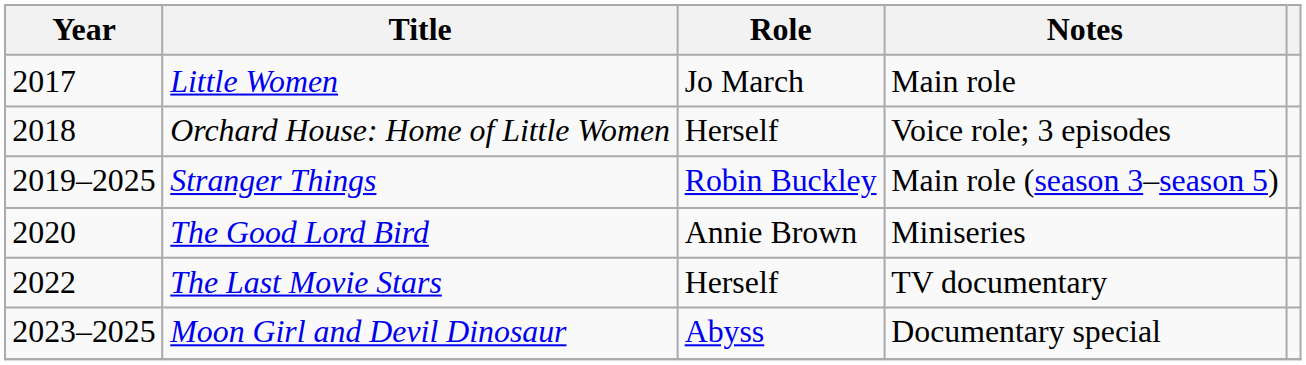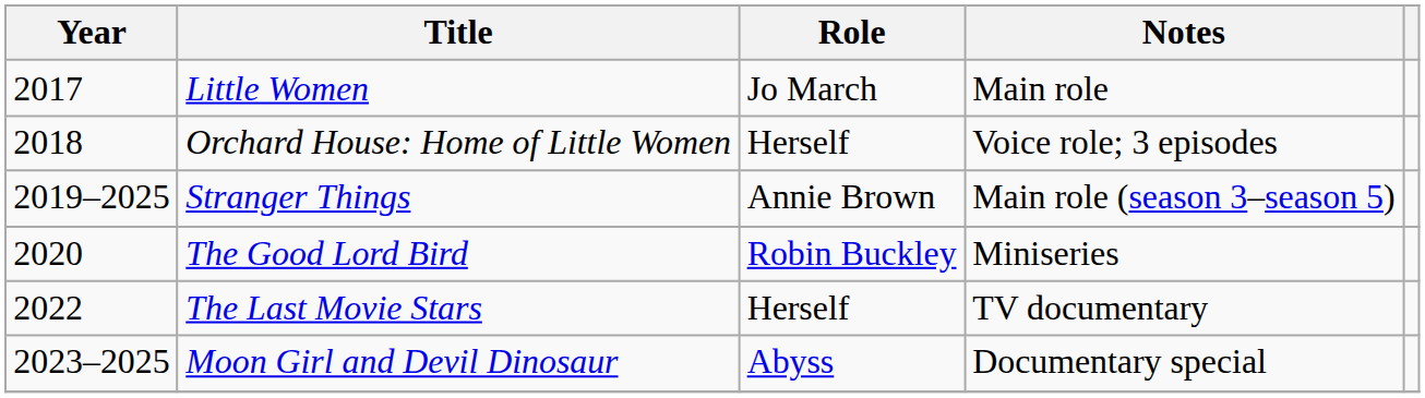 <table class="wikitable sortable">
 <tr>
 <th>Year</th>
 <th>Title</th>
 <th>Role</th>
 <th class="unsortable">Notes</th>
 <th class="unsortable"></th>
 </tr>
 <tr>
 <td>2017</td>
 <td><em><a href='#'>Little Women</a></em></td>
 <td>Jo March</td>
 <td>Main role</td>
 <td></td>
 </tr>
 <tr>
 <td>2018</td>
 <td><em>Orchard House: Home of Little Women</em></td>
 <td>Herself</td>
 <td>Voice role; 3 episodes</td>
 <td></td>
 </tr>
 <tr>
 <td>2019–2025</td>
 <td><em><a href='#'>Stranger Things</a></em></td>
-<td><a href='#'>Robin Buckley</a></td>
+<td>Annie Brown</td>
 <td>Main role (<a href='#'>season 3</a>–<a href='#'>season 5</a>)</td>
 <td></td>
 </tr>
 <tr>
 <td>2020</td>
 <td><em><a href='#'>The Good Lord Bird</a></em></td>
-<td>Annie Brown</td>
+<td><a href='#'>Robin Buckley</a></td>
 <td>Miniseries</td>
 <td></td>
 </tr>
 <tr>
 <td>2022</td>
 <td><em><a href='#'>The Last Movie Stars</a></em></td>
 <td>Herself</td>
 <td>TV documentary</td>
 <td></td>
 </tr>
 <tr>
 <td>2023–2025</td>
 <td><em><a href='#'>Moon Girl and Devil Dinosaur</a></em></td>
 <td><a href='#'>Abyss</a></td>
 <td>Documentary special</td>
 <td></td>
 </tr>
 <tr>
 </tr>
 </table>
